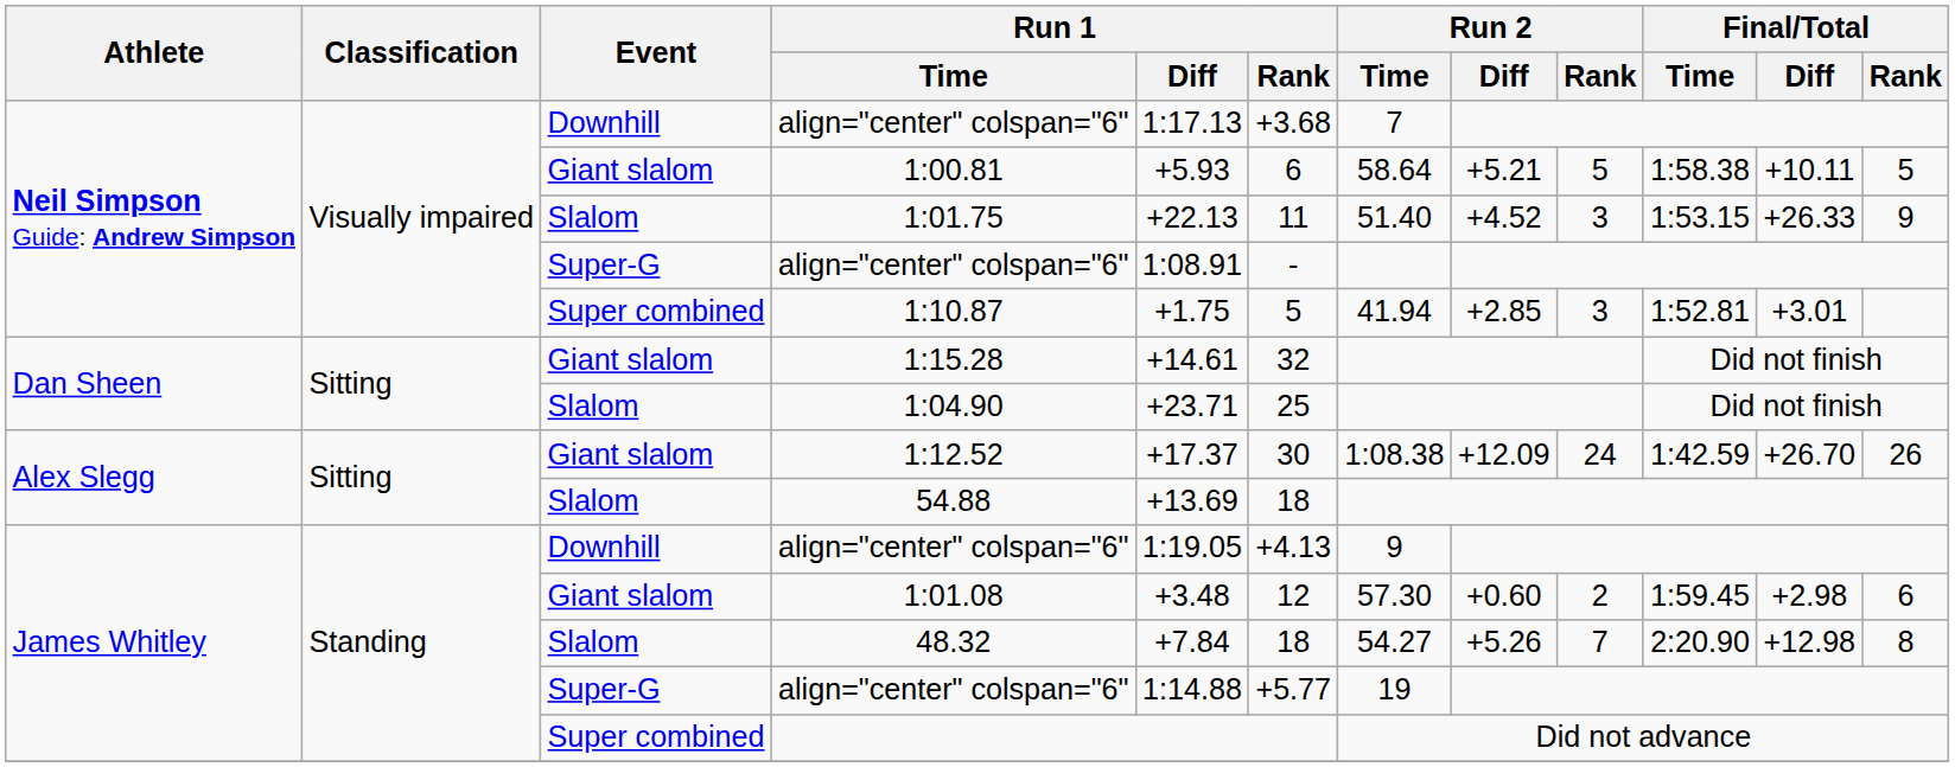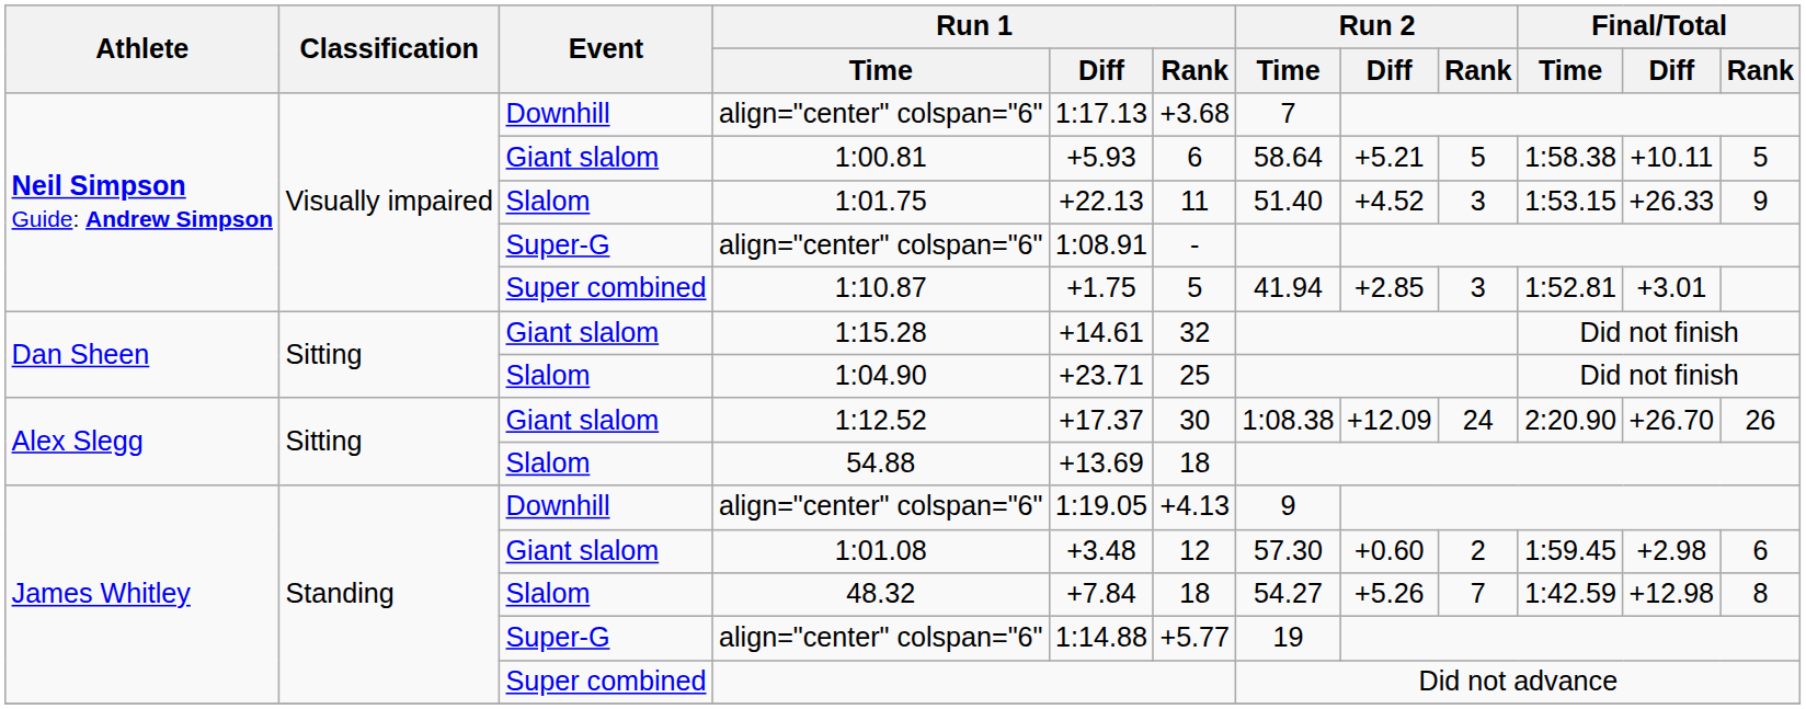 <table class="wikitable" style="font-size:100%">
 <tr>
 <th rowspan="2">Athlete</th>
 <th rowspan="2">Classification</th>
 <th rowspan="2">Event</th>
 <th colspan="3">Run 1</th>
 <th colspan="3">Run 2</th>
 <th colspan="3">Final/Total</th>
 </tr>
 <tr>
 <th>Time</th>
 <th>Diff</th>
 <th>Rank</th>
 <th>Time</th>
 <th>Diff</th>
 <th>Rank</th>
 <th>Time</th>
 <th>Diff</th>
 <th>Rank</th>
 </tr>
 <tr>
 <td rowspan=5><strong><a href='#'>Neil Simpson</a></strong><br><small><a href='#'>Guide</a>: <strong><a href='#'>Andrew Simpson</a></strong></small></td>
 <td rowspan=5>Visually impaired</td>
 <td><a href='#'>Downhill</a></td>
 <td>align="center" colspan="6" </td>
 <td align="center">1:17.13</td>
 <td align="center">+3.68</td>
 <td align="center">7</td>
 </tr>
 <tr>
 <td><a href='#'>Giant slalom</a></td>
 <td align="center">1:00.81</td>
 <td align="center">+5.93</td>
 <td align="center">6</td>
 <td align="center">58.64</td>
 <td align="center">+5.21</td>
 <td align="center">5</td>
 <td align="center">1:58.38</td>
 <td align="center">+10.11</td>
 <td align="center">5</td>
 </tr>
 <tr>
 <td><a href='#'>Slalom</a></td>
 <td align="center">1:01.75</td>
 <td align="center">+22.13</td>
 <td align="center">11</td>
 <td align="center">51.40</td>
 <td align="center">+4.52</td>
 <td align="center">3</td>
 <td align="center">1:53.15</td>
 <td align="center">+26.33</td>
 <td align="center">9</td>
 </tr>
 <tr>
 <td><a href='#'>Super-G</a></td>
 <td>align="center" colspan="6" </td>
 <td align="center">1:08.91</td>
 <td align="center">-</td>
 <td align="center"></td>
 </tr>
 <tr>
 <td><a href='#'>Super combined</a></td>
 <td align="center">1:10.87</td>
 <td align="center">+1.75</td>
 <td align="center">5</td>
 <td align="center">41.94</td>
 <td align="center">+2.85</td>
 <td align="center">3</td>
 <td align="center">1:52.81</td>
 <td align="center">+3.01</td>
 <td align="center"></td>
 </tr>
 <tr>
 <td rowspan=2><a href='#'>Dan Sheen</a></td>
 <td rowspan=2>Sitting</td>
 <td><a href='#'>Giant slalom</a></td>
 <td align="center">1:15.28</td>
 <td align="center">+14.61</td>
 <td align="center">32</td>
 <td align="center" colspan="3"></td>
 <td align="center" colspan="3">Did not finish</td>
 </tr>
 <tr>
 <td><a href='#'>Slalom</a></td>
 <td align="center">1:04.90</td>
 <td align="center">+23.71</td>
 <td align="center">25</td>
 <td align="center" colspan="3"></td>
 <td align="center" colspan="3">Did not finish</td>
 </tr>
 <tr>
 <td rowspan=2><a href='#'>Alex Slegg</a></td>
 <td rowspan=2>Sitting</td>
 <td><a href='#'>Giant slalom</a></td>
 <td align="center">1:12.52</td>
 <td align="center">+17.37</td>
 <td align="center">30</td>
 <td align="center">1:08.38</td>
 <td align="center">+12.09</td>
 <td align="center">24</td>
-<td align="center">1:42.59</td>
+<td align="center">2:20.90</td>
 <td align="center">+26.70</td>
 <td align="center">26</td>
 </tr>
 <tr>
 <td><a href='#'>Slalom</a></td>
 <td align="center">54.88</td>
 <td align="center">+13.69</td>
 <td align="center">18</td>
 <td align="center" colspan="6"></td>
 </tr>
 <tr>
 <td rowspan=5><a href='#'>James Whitley</a></td>
 <td rowspan=5>Standing</td>
 <td><a href='#'>Downhill</a></td>
 <td>align="center" colspan="6" </td>
 <td align="center">1:19.05</td>
 <td align="center">+4.13</td>
 <td align="center">9</td>
 </tr>
 <tr>
 <td><a href='#'>Giant slalom</a></td>
 <td align="center">1:01.08</td>
 <td align="center">+3.48</td>
 <td align="center">12</td>
 <td align="center">57.30</td>
 <td align="center">+0.60</td>
 <td align="center">2</td>
 <td align="center">1:59.45</td>
 <td align="center">+2.98</td>
 <td align="center">6</td>
 </tr>
 <tr>
 <td><a href='#'>Slalom</a></td>
 <td align="center">48.32</td>
 <td align="center">+7.84</td>
 <td align="center">18</td>
 <td align="center">54.27</td>
 <td align="center">+5.26</td>
 <td align="center">7</td>
-<td align="center">2:20.90</td>
+<td align="center">1:42.59</td>
 <td align="center">+12.98</td>
 <td align="center">8</td>
 </tr>
 <tr>
 <td><a href='#'>Super-G</a></td>
 <td>align="center" colspan="6" </td>
 <td align="center">1:14.88</td>
 <td align="center">+5.77</td>
 <td align="center">19</td>
 </tr>
 <tr>
 <td><a href='#'>Super combined</a></td>
 <td align="center" colspan="3"></td>
 <td align="center" colspan="6">Did not advance</td>
 </tr>
 <tr>
 </tr>
 </table>
